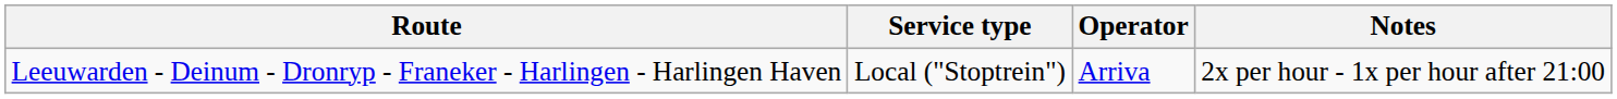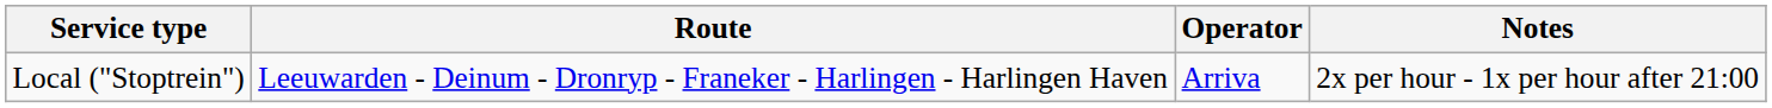 <table class="wikitable">
 <tr>
+<th>Service type</th>
 <th>Route</th>
-<th>Service type</th>
 <th>Operator</th>
 <th>Notes</th>
 </tr>
 <tr>
+<td>Local ("Stoptrein")</td>
 <td><a href='#'>Leeuwarden</a> - <a href='#'>Deinum</a> - <a href='#'>Dronryp</a> - <a href='#'>Franeker</a> - <a href='#'>Harlingen</a> - Harlingen Haven</td>
-<td>Local ("Stoptrein")</td>
 <td><a href='#'>Arriva</a></td>
 <td>2x per hour - 1x per hour after 21:00</td>
 </tr>
 </table>
